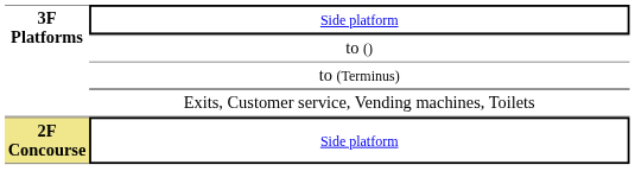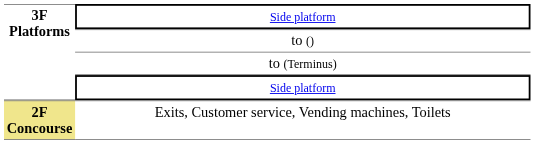 <table table border=0 cellspacing=0 cellpadding=3>
 <tr>
 <td style="border-bottom:solid 1px gray;border-top:solid 1px gray;text-align:center" rowspan="4" valign=top width=50><strong>3F<br>Platforms</strong></td>
 <td style="border-right:solid 2px black;border-left:solid 2px black;border-top:solid 2px black;border-bottom:solid 2px black;text-align:center;"><small><a href='#'>Side platform</a></small></td>
 </tr>
 <tr>
 <td style="border-bottom:solid 1px gray;border-top:solid 1px gray;text-align:center;">  to  <small>()</small></td>
 </tr>
 <tr>
 <td style="border-bottom:solid 1px gray;text-align:center;"> to  <small>(Terminus)</small> </td>
 </tr>
 <tr>
-<td style="border-bottom:solid 1px gray; border-top:solid 1px gray;text-align:center" valign=top width=500>Exits, Customer service, Vending machines, Toilets</td>
+<td style="border-right:solid 2px black;border-left:solid 2px black;border-top:solid 2px black;border-bottom:solid 2px black;text-align:center;"><small><a href='#'>Side platform</a></small></td>
 </tr>
 <tr>
 <td style="background: khaki; border-bottom:solid 1px gray; border-top:solid 1px gray;text-align:center" valign=top><strong>2F<br>Concourse</strong></td>
-<td style="border-right:solid 2px black;border-left:solid 2px black;border-top:solid 2px black;border-bottom:solid 2px black;text-align:center;"><small><a href='#'>Side platform</a></small></td>
+<td style="border-bottom:solid 1px gray; border-top:solid 1px gray;text-align:center" valign=top width=500>Exits, Customer service, Vending machines, Toilets</td>
 </tr>
 </table>
